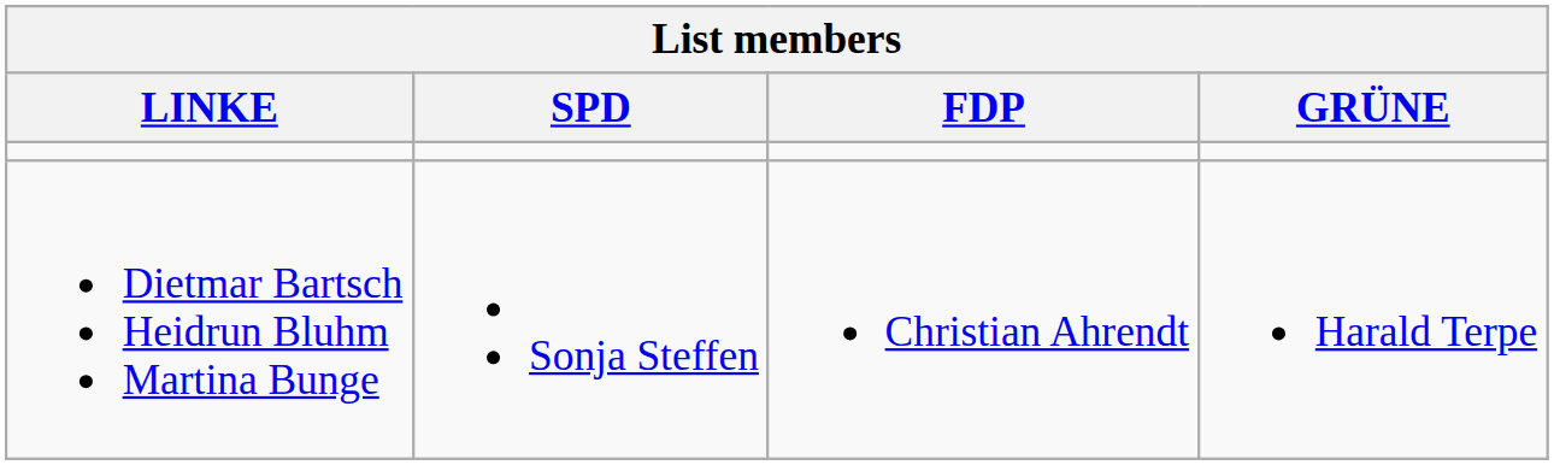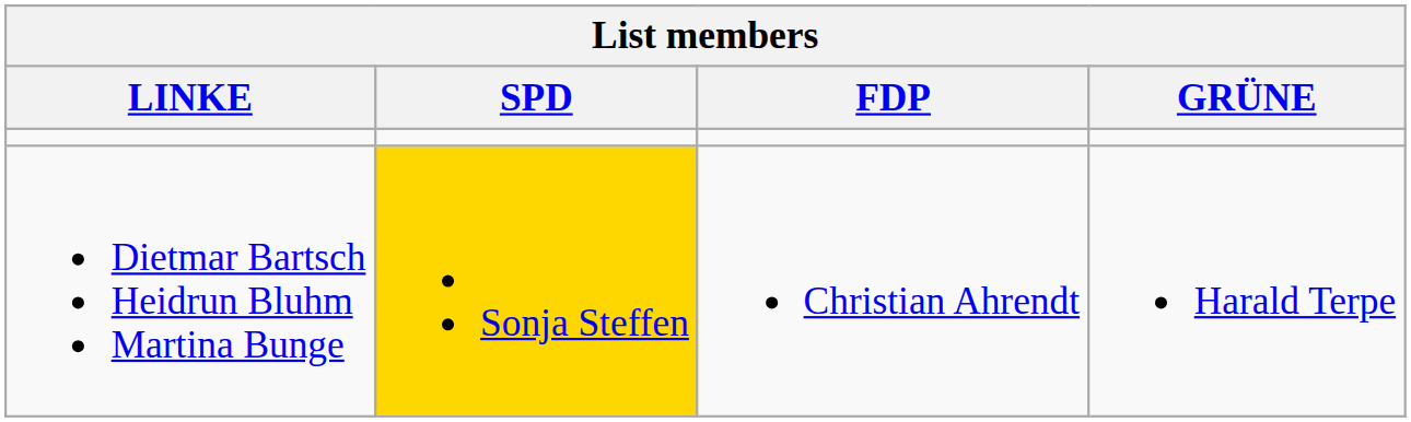 <table class=wikitable>
 <tr>
 <th colspan=4>List members</th>
 </tr>
 <tr>
 <th><a href='#'>LINKE</a></th>
 <th><a href='#'>SPD</a></th>
 <th><a href='#'>FDP</a></th>
 <th><a href='#'>GRÜNE</a></th>
 </tr>
 <tr>
 <td bgcolor=></td>
 <td bgcolor=></td>
 <td bgcolor=></td>
 <td bgcolor=></td>
 </tr>
 <tr>
 <td><br><ul><li><a href='#'>Dietmar Bartsch</a></li><li><a href='#'>Heidrun Bluhm</a></li><li><a href='#'>Martina Bunge</a></li></ul></td>
-<td><br><ul><li></li><li><a href='#'>Sonja Steffen</a></li></ul></td>
+<td style="background: gold;"><br><ul><li></li><li><a href='#'>Sonja Steffen</a></li></ul></td>
 <td><br><ul><li><a href='#'>Christian Ahrendt</a></li></ul></td>
 <td><br><ul><li><a href='#'>Harald Terpe</a></li></ul></td>
 </tr>
 </table>
